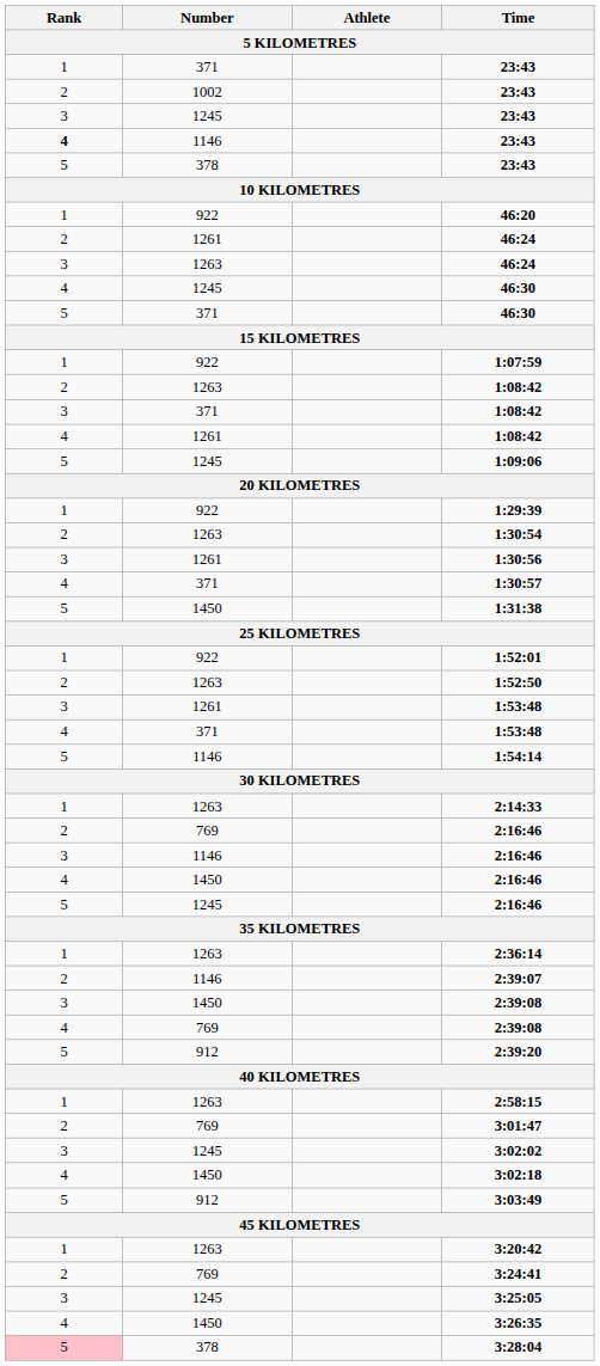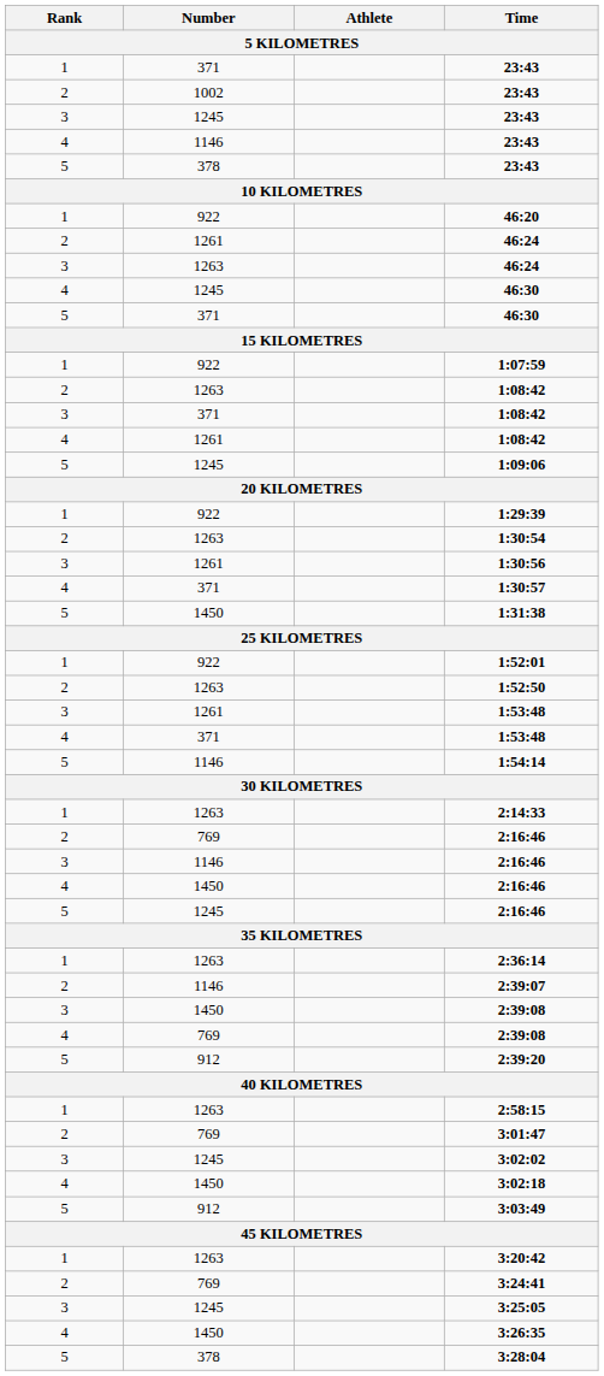 <table class="wikitable" style=" text-align:center; font-size:110%;" width="55%">
 <tr>
 <th>Rank</th>
 <th>Number</th>
 <th>Athlete</th>
 <th>Time</th>
 </tr>
 <tr>
 <th colspan="4">5 KILOMETRES</th>
 </tr>
 <tr>
 <td>1</td>
 <td>371</td>
 <td align=left></td>
 <td><strong>23:43</strong></td>
 </tr>
 <tr>
 <td>2</td>
 <td>1002</td>
 <td align=left></td>
 <td><strong>23:43</strong></td>
 </tr>
 <tr>
 <td>3</td>
 <td>1245</td>
 <td align=left></td>
 <td><strong>23:43</strong></td>
 </tr>
 <tr>
-<td><strong>4</strong></td>
+<td>4</td>
 <td>1146</td>
 <td align=left></td>
 <td><strong>23:43</strong></td>
 </tr>
 <tr>
 <td>5</td>
 <td>378</td>
 <td align=left></td>
 <td><strong>23:43</strong></td>
 </tr>
 <tr>
 <th colspan="4">10 KILOMETRES</th>
 </tr>
 <tr>
 <td>1</td>
 <td>922</td>
 <td align=left></td>
 <td><strong>46:20</strong></td>
 </tr>
 <tr>
 <td>2</td>
 <td>1261</td>
 <td align=left></td>
 <td><strong>46:24</strong></td>
 </tr>
 <tr>
 <td>3</td>
 <td>1263</td>
 <td align=left></td>
 <td><strong>46:24</strong></td>
 </tr>
 <tr>
 <td>4</td>
 <td>1245</td>
 <td align=left></td>
 <td><strong>46:30</strong></td>
 </tr>
 <tr>
 <td>5</td>
 <td>371</td>
 <td align=left></td>
 <td><strong>46:30</strong></td>
 </tr>
 <tr>
 <th colspan="4">15 KILOMETRES</th>
 </tr>
 <tr>
 <td>1</td>
 <td>922</td>
 <td align=left></td>
 <td><strong>1:07:59</strong></td>
 </tr>
 <tr>
 <td>2</td>
 <td>1263</td>
 <td align=left></td>
 <td><strong>1:08:42</strong></td>
 </tr>
 <tr>
 <td>3</td>
 <td>371</td>
 <td align=left></td>
 <td><strong>1:08:42</strong></td>
 </tr>
 <tr>
 <td>4</td>
 <td>1261</td>
 <td align=left></td>
 <td><strong>1:08:42</strong></td>
 </tr>
 <tr>
 <td>5</td>
 <td>1245</td>
 <td align=left></td>
 <td><strong>1:09:06</strong></td>
 </tr>
 <tr>
 <th colspan="4">20 KILOMETRES</th>
 </tr>
 <tr>
 <td>1</td>
 <td>922</td>
 <td align=left></td>
 <td><strong>1:29:39</strong></td>
 </tr>
 <tr>
 <td>2</td>
 <td>1263</td>
 <td align=left></td>
 <td><strong>1:30:54</strong></td>
 </tr>
 <tr>
 <td>3</td>
 <td>1261</td>
 <td align=left></td>
 <td><strong>1:30:56</strong></td>
 </tr>
 <tr>
 <td>4</td>
 <td>371</td>
 <td align=left></td>
 <td><strong>1:30:57</strong></td>
 </tr>
 <tr>
 <td>5</td>
 <td>1450</td>
 <td align=left></td>
 <td><strong>1:31:38</strong></td>
 </tr>
 <tr>
 <th colspan="4">25 KILOMETRES</th>
 </tr>
 <tr>
 <td>1</td>
 <td>922</td>
 <td align=left></td>
 <td><strong>1:52:01</strong></td>
 </tr>
 <tr>
 <td>2</td>
 <td>1263</td>
 <td align=left></td>
 <td><strong>1:52:50</strong></td>
 </tr>
 <tr>
 <td>3</td>
 <td>1261</td>
 <td align=left></td>
 <td><strong>1:53:48</strong></td>
 </tr>
 <tr>
 <td>4</td>
 <td>371</td>
 <td align=left></td>
 <td><strong>1:53:48</strong></td>
 </tr>
 <tr>
 <td>5</td>
 <td>1146</td>
 <td align=left></td>
 <td><strong>1:54:14</strong></td>
 </tr>
 <tr>
 <th colspan="4">30 KILOMETRES</th>
 </tr>
 <tr>
 <td>1</td>
 <td>1263</td>
 <td align=left></td>
 <td><strong>2:14:33</strong></td>
 </tr>
 <tr>
 <td>2</td>
 <td>769</td>
 <td align=left></td>
 <td><strong>2:16:46</strong></td>
 </tr>
 <tr>
 <td>3</td>
 <td>1146</td>
 <td align=left></td>
 <td><strong>2:16:46</strong></td>
 </tr>
 <tr>
 <td>4</td>
 <td>1450</td>
 <td align=left></td>
 <td><strong>2:16:46</strong></td>
 </tr>
 <tr>
 <td>5</td>
 <td>1245</td>
 <td align=left></td>
 <td><strong>2:16:46</strong></td>
 </tr>
 <tr>
 <th colspan="4">35 KILOMETRES</th>
 </tr>
 <tr>
 <td>1</td>
 <td>1263</td>
 <td align=left></td>
 <td><strong>2:36:14</strong></td>
 </tr>
 <tr>
 <td>2</td>
 <td>1146</td>
 <td align=left></td>
 <td><strong>2:39:07</strong></td>
 </tr>
 <tr>
 <td>3</td>
 <td>1450</td>
 <td align=left></td>
 <td><strong>2:39:08</strong></td>
 </tr>
 <tr>
 <td>4</td>
 <td>769</td>
 <td align=left></td>
 <td><strong>2:39:08</strong></td>
 </tr>
 <tr>
 <td>5</td>
 <td>912</td>
 <td align=left></td>
 <td><strong>2:39:20</strong></td>
 </tr>
 <tr>
 <th colspan="4">40 KILOMETRES</th>
 </tr>
 <tr>
 <td>1</td>
 <td>1263</td>
 <td align=left></td>
 <td><strong>2:58:15</strong></td>
 </tr>
 <tr>
 <td>2</td>
 <td>769</td>
 <td align=left></td>
 <td><strong>3:01:47</strong></td>
 </tr>
 <tr>
 <td>3</td>
 <td>1245</td>
 <td align=left></td>
 <td><strong>3:02:02</strong></td>
 </tr>
 <tr>
 <td>4</td>
 <td>1450</td>
 <td align=left></td>
 <td><strong>3:02:18</strong></td>
 </tr>
 <tr>
 <td>5</td>
 <td>912</td>
 <td align=left></td>
 <td><strong>3:03:49</strong></td>
 </tr>
 <tr>
 <th colspan="4">45 KILOMETRES</th>
 </tr>
 <tr>
 <td>1</td>
 <td>1263</td>
 <td align=left></td>
 <td><strong>3:20:42</strong></td>
 </tr>
 <tr>
 <td>2</td>
 <td>769</td>
 <td align=left></td>
 <td><strong>3:24:41</strong></td>
 </tr>
 <tr>
 <td>3</td>
 <td>1245</td>
 <td align=left></td>
 <td><strong>3:25:05</strong></td>
 </tr>
 <tr>
 <td>4</td>
 <td>1450</td>
 <td align=left></td>
 <td><strong>3:26:35</strong></td>
 </tr>
 <tr>
-<td style="background: pink;">5</td>
+<td>5</td>
 <td>378</td>
 <td align=left></td>
 <td><strong>3:28:04</strong></td>
 </tr>
 </table>
